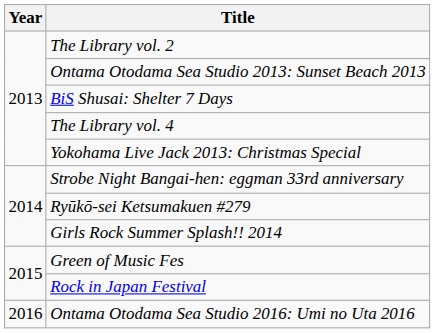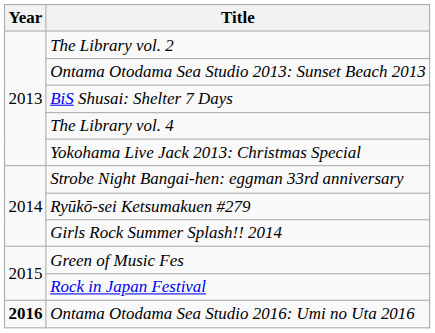 <table class="wikitable">
 <tr>
 <th>Year</th>
 <th>Title</th>
 </tr>
 <tr>
 <td rowspan="5">2013</td>
 <td><em>The Library vol. 2</em></td>
 </tr>
 <tr>
 <td><em>Ontama Otodama Sea Studio 2013: Sunset Beach 2013</em></td>
 </tr>
 <tr>
 <td><em><a href='#'>BiS</a> Shusai: Shelter 7 Days</em></td>
 </tr>
 <tr>
 <td><em>The Library vol. 4</em></td>
 </tr>
 <tr>
 <td><em>Yokohama Live Jack 2013: Christmas Special</em></td>
 </tr>
 <tr>
 <td rowspan="3">2014</td>
 <td><em>Strobe Night Bangai-hen: eggman 33rd anniversary</em></td>
 </tr>
 <tr>
 <td><em>Ryūkō-sei Ketsumakuen #279</em></td>
 </tr>
 <tr>
 <td><em>Girls Rock Summer Splash!! 2014</em></td>
 </tr>
 <tr>
 <td rowspan="2">2015</td>
 <td><em>Green of Music Fes</em></td>
 </tr>
 <tr>
 <td><em><a href='#'>Rock in Japan Festival</a></em></td>
 </tr>
 <tr>
-<td>2016</td>
+<td><strong>2016</strong></td>
 <td><em>Ontama Otodama Sea Studio 2016: Umi no Uta 2016</em></td>
 </tr>
 </table>
